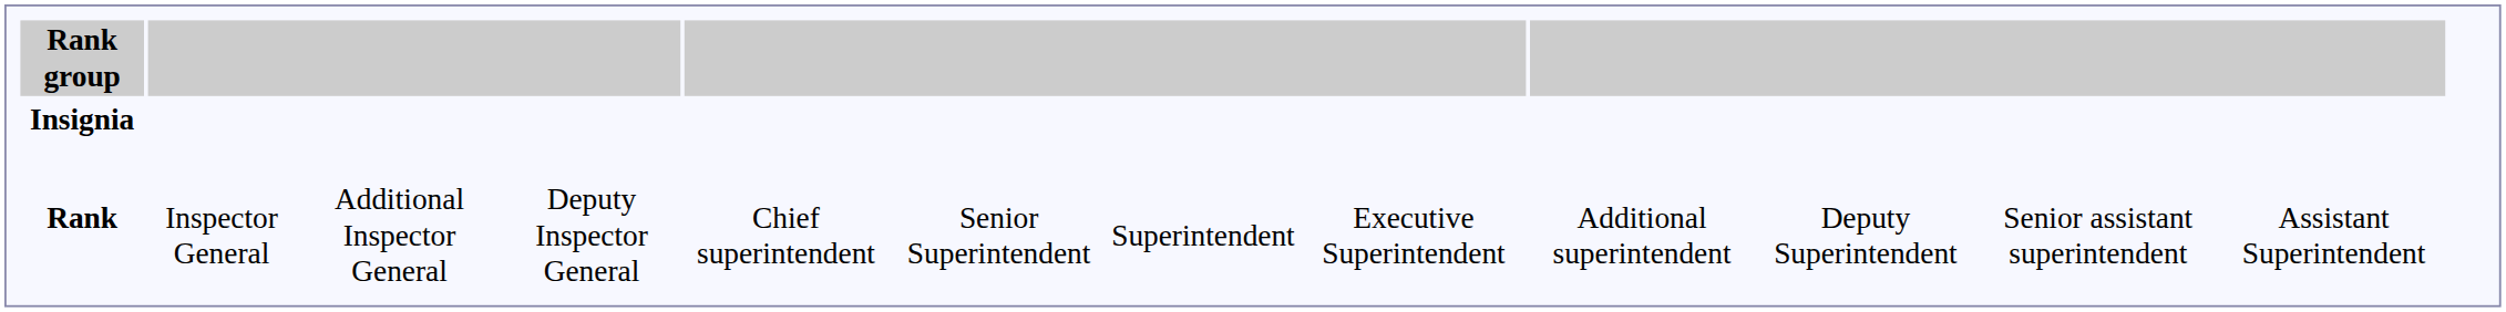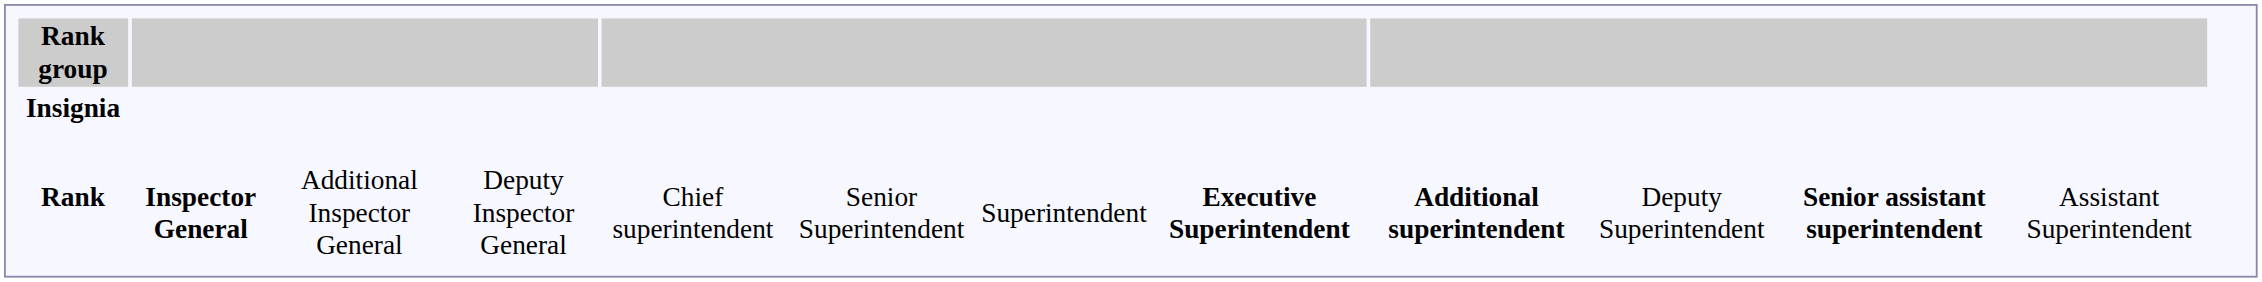 <table style="border:1px solid #8888aa; background-color:#f7f8ff; padding:5px; font-size:95%; margin: 0px 12px 12px 0px; text-align:center;">
 <tr bgcolor=#CCC>
 <th>Rank group</th>
 <th colspan=3></th>
 <th colspan=4></th>
 <th colspan=4></th>
 </tr>
 <tr>
 <th>Insignia</th>
 <td></td>
 <td></td>
 <td></td>
 <td></td>
 <td></td>
 <td></td>
 <td></td>
 <td></td>
 <td></td>
 <td></td>
 <td></td>
 </tr>
 <tr>
 <th>Rank</th>
-<td><br> Inspector General</td>
+<td><strong><br> Inspector General</strong></td>
 <td><br> Additional Inspector General</td>
 <td><br> Deputy Inspector General</td>
 <td><br> Chief superintendent</td>
 <td><br> Senior Superintendent</td>
 <td><br> Superintendent</td>
-<td><br> Executive Superintendent</td>
-<td><br> Additional superintendent</td>
+<td><strong><br> Executive Superintendent</strong></td>
+<td><strong><br> Additional superintendent</strong></td>
 <td><br> Deputy Superintendent</td>
-<td><br> Senior assistant superintendent</td>
+<td><strong><br> Senior assistant superintendent</strong></td>
 <td><br> Assistant Superintendent</td>
 <td></td>
 <td></td>
 <td></td>
 <td></td>
 <td></td>
 </tr>
 </table>
